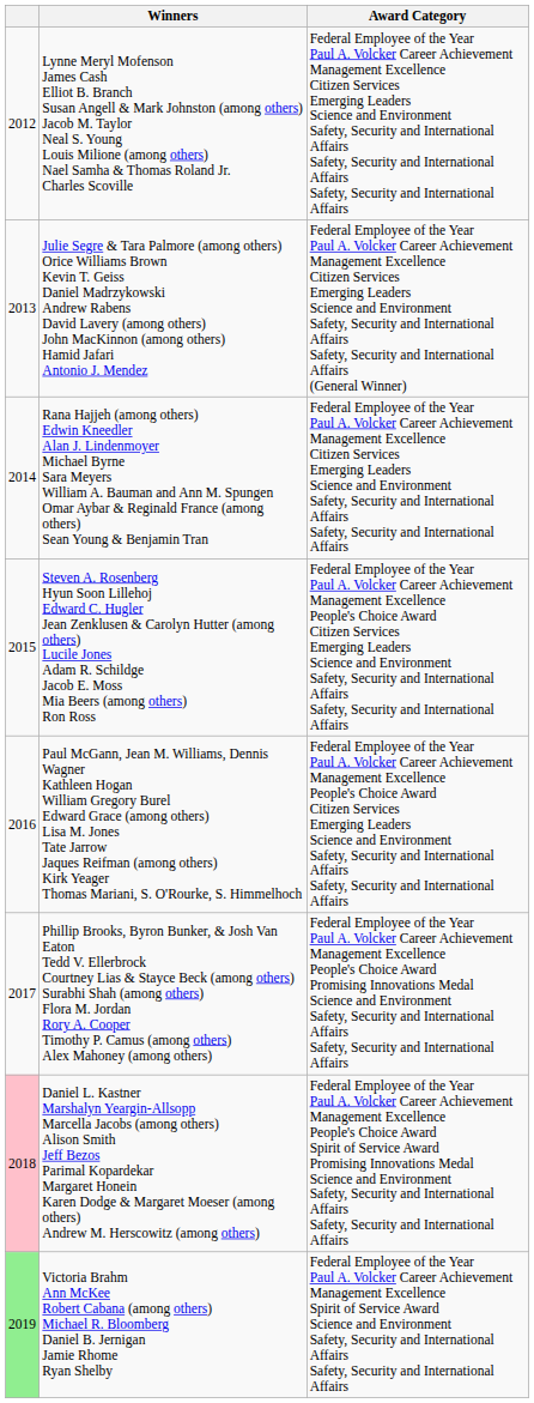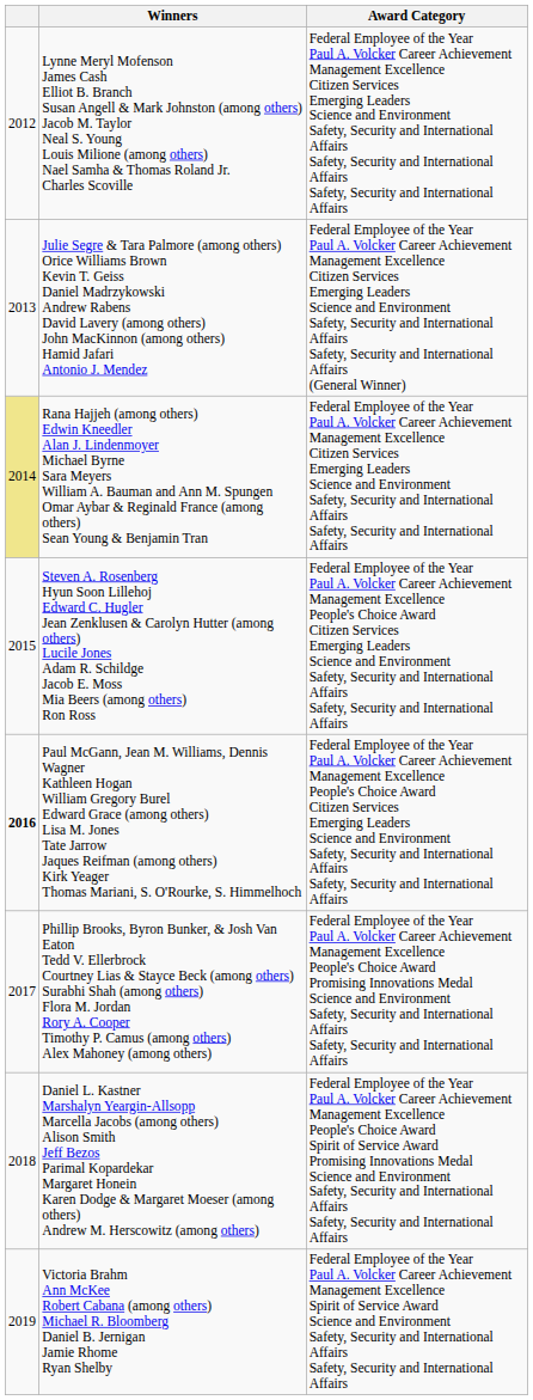 <table class="wikitable sortable mw-collapsible">
 <tr>
 <th></th>
 <th>Winners</th>
 <th>Award Category</th>
 </tr>
 <tr>
 <td>2012</td>
 <td>Lynne Meryl Mofenson<br>James Cash<br>Elliot B. Branch<br>Susan Angell & Mark Johnston (among <a href='#'>others</a>)<br>Jacob M. Taylor<br>Neal S. Young<br>Louis Milione (among <a href='#'>others</a>)<br>Nael Samha & Thomas Roland Jr.<br>Charles Scoville</td>
 <td>Federal Employee of the Year<br><a href='#'>Paul A. Volcker</a> Career Achievement<br>Management Excellence<br>Citizen Services<br>Emerging Leaders<br>Science and Environment<br>Safety, Security and International Affairs<br>Safety, Security and International Affairs<br>Safety, Security and International Affairs</td>
 </tr>
 <tr>
 <td>2013</td>
 <td><a href='#'>Julie Segre</a> & Tara Palmore (among others)<br>Orice Williams Brown<br>Kevin T. Geiss<br>Daniel Madrzykowski<br>Andrew Rabens<br>David Lavery (among others)<br>John MacKinnon (among others)<br>Hamid Jafari<br><a href='#'>Antonio J. Mendez</a></td>
 <td>Federal Employee of the Year<br><a href='#'>Paul A. Volcker</a> Career Achievement<br>Management Excellence<br>Citizen Services<br>Emerging Leaders<br>Science and Environment<br>Safety, Security and International Affairs<br>Safety, Security and International Affairs<br>(General Winner)</td>
 </tr>
 <tr>
-<td>2014</td>
+<td style="background: khaki;">2014</td>
 <td>Rana Hajjeh (among others)<br><a href='#'>Edwin Kneedler</a><br><a href='#'>Alan J. Lindenmoyer</a><br>Michael Byrne<br>Sara Meyers<br>William A. Bauman and Ann M. Spungen<br>Omar Aybar & Reginald France (among others)<br>Sean Young & Benjamin Tran</td>
 <td>Federal Employee of the Year<br><a href='#'>Paul A. Volcker</a> Career Achievement<br>Management Excellence<br>Citizen Services<br>Emerging Leaders<br>Science and Environment<br>Safety, Security and International Affairs<br>Safety, Security and International Affairs</td>
 </tr>
 <tr>
 <td>2015</td>
 <td><a href='#'>Steven A. Rosenberg</a><br>Hyun Soon Lillehoj<br><a href='#'>Edward C. Hugler</a><br>Jean Zenklusen & Carolyn Hutter (among <a href='#'>others</a>)<br><a href='#'>Lucile Jones</a><br>Adam R. Schildge<br>Jacob E. Moss<br>Mia Beers (among <a href='#'>others</a>)<br>Ron Ross</td>
 <td>Federal Employee of the Year<br><a href='#'>Paul A. Volcker</a> Career Achievement<br>Management Excellence<br>People's Choice Award<br>Citizen Services<br>Emerging Leaders<br>Science and Environment<br>Safety, Security and International Affairs<br>Safety, Security and International Affairs</td>
 </tr>
 <tr>
-<td>2016</td>
+<td><strong>2016</strong></td>
 <td>Paul McGann, Jean M. Williams, Dennis Wagner<br>Kathleen Hogan<br>William Gregory Burel<br>Edward Grace (among others)<br>Lisa M. Jones<br>Tate Jarrow<br>Jaques Reifman (among others)<br>Kirk Yeager<br>Thomas Mariani, S. O'Rourke, S. Himmelhoch</td>
 <td>Federal Employee of the Year<br><a href='#'>Paul A. Volcker</a> Career Achievement<br>Management Excellence<br>People's Choice Award<br>Citizen Services<br>Emerging Leaders<br>Science and Environment<br>Safety, Security and International Affairs<br>Safety, Security and International Affairs</td>
 </tr>
 <tr>
 <td>2017</td>
 <td>Phillip Brooks, Byron Bunker, & Josh Van Eaton<br>Tedd V. Ellerbrock<br>Courtney Lias & Stayce Beck (among <a href='#'>others</a>)<br>Surabhi Shah (among <a href='#'>others</a>)<br>Flora M. Jordan<br><a href='#'>Rory A. Cooper</a><br>Timothy P. Camus (among <a href='#'>others</a>)<br>Alex Mahoney (among others)</td>
 <td>Federal Employee of the Year<br><a href='#'>Paul A. Volcker</a> Career Achievement<br>Management Excellence<br>People's Choice Award<br>Promising Innovations Medal<br>Science and Environment<br>Safety, Security and International Affairs<br>Safety, Security and International Affairs</td>
 </tr>
 <tr>
-<td style="background: pink;">2018</td>
+<td>2018</td>
 <td>Daniel L. Kastner<br><a href='#'>Marshalyn Yeargin-Allsopp</a><br>Marcella Jacobs (among others)<br>Alison Smith<br><a href='#'>Jeff Bezos</a><br>Parimal Kopardekar<br>Margaret Honein<br>Karen Dodge & Margaret Moeser (among others)<br>Andrew M. Herscowitz (among <a href='#'>others</a>)</td>
 <td>Federal Employee of the Year<br><a href='#'>Paul A. Volcker</a> Career Achievement<br>Management Excellence<br>People's Choice Award<br>Spirit of Service Award<br>Promising Innovations Medal<br>Science and Environment<br>Safety, Security and International Affairs<br>Safety, Security and International Affairs</td>
 </tr>
 <tr>
-<td style="background: lightgreen;">2019</td>
+<td>2019</td>
 <td>Victoria Brahm<br><a href='#'>Ann McKee</a><br><a href='#'>Robert Cabana</a> (among <a href='#'>others</a>)<br><a href='#'>Michael R. Bloomberg</a><br>Daniel B. Jernigan<br>Jamie Rhome<br>Ryan Shelby</td>
 <td>Federal Employee of the Year<br><a href='#'>Paul A. Volcker</a> Career Achievement<br>Management Excellence<br>Spirit of Service Award<br>Science and Environment<br>Safety, Security and International Affairs<br>Safety, Security and International Affairs</td>
 </tr>
 </table>
